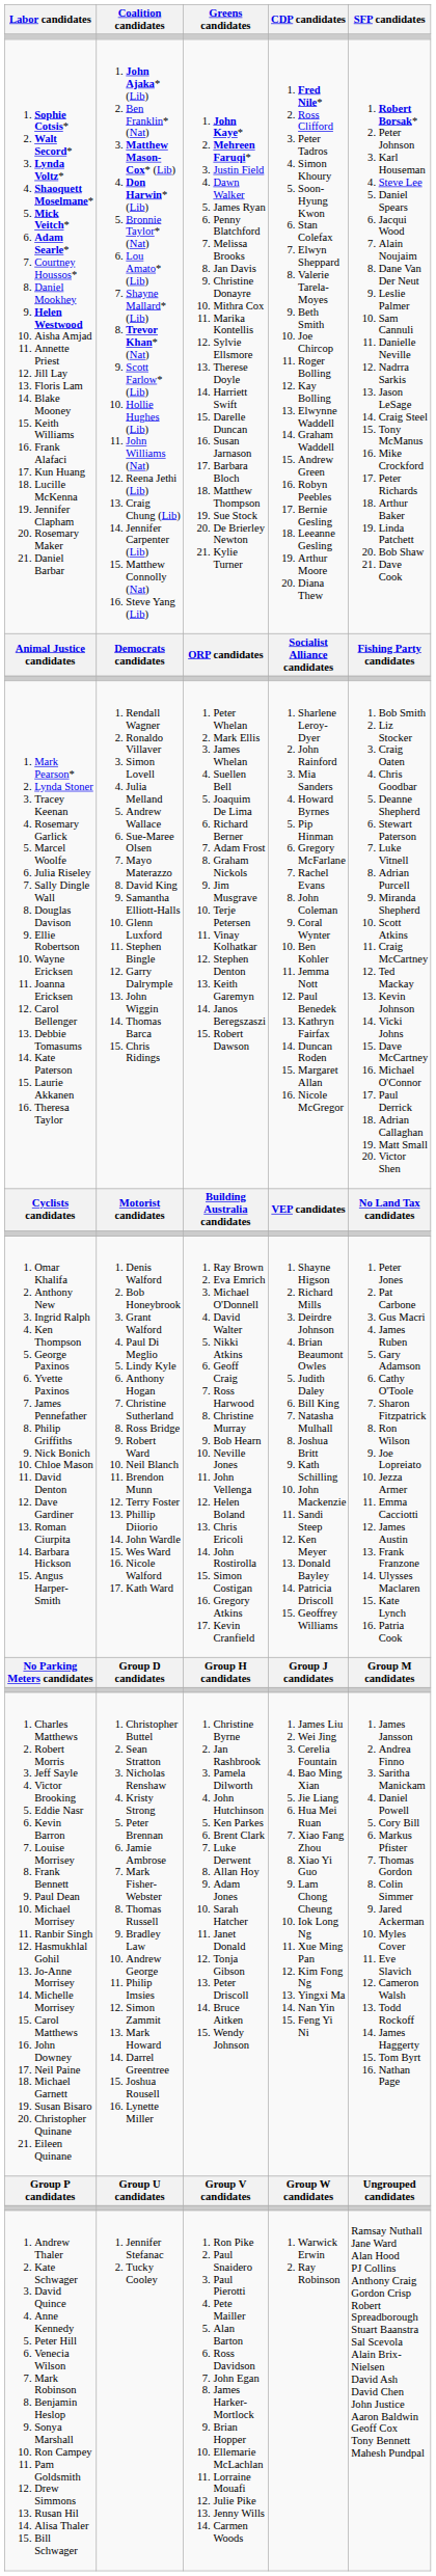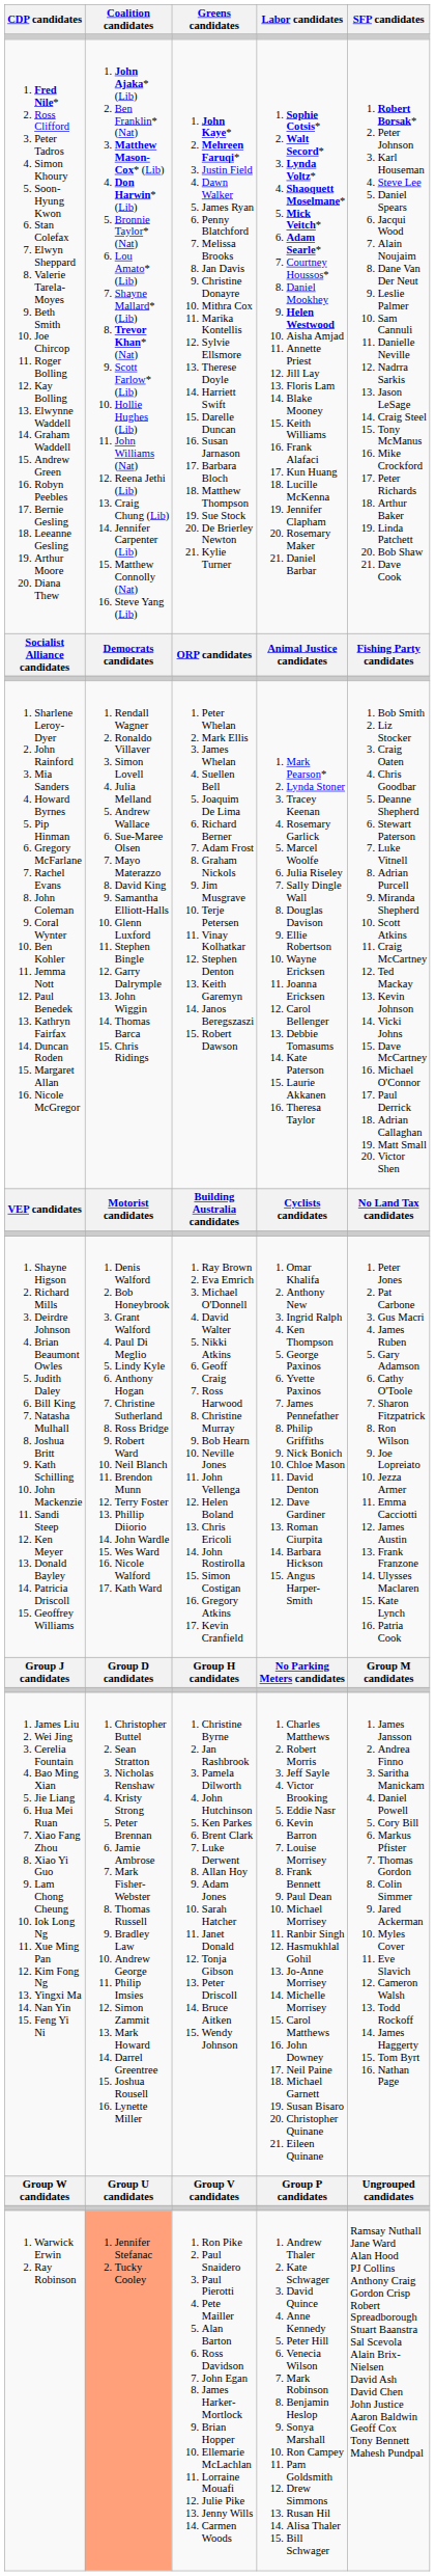 <table class="wikitable">
 <tr>
-<th><a href='#'>Labor</a> candidates</th>
+<th><a href='#'>CDP</a> candidates</th>
 <th><a href='#'>Coalition</a> candidates</th>
 <th><a href='#'>Greens</a> candidates</th>
-<th><a href='#'>CDP</a> candidates</th>
+<th><a href='#'>Labor</a> candidates</th>
 <th><a href='#'>SFP</a> candidates</th>
 </tr>
 <tr bgcolor="#cccccc">
 <td></td>
 <td></td>
 <td></td>
 <td></td>
 <td></td>
 </tr>
 <tr>
-<td><br><ol><li><strong><a href='#'>Sophie Cotsis</a></strong>*</li><li><strong><a href='#'>Walt Secord</a></strong>*</li><li><strong><a href='#'>Lynda Voltz</a></strong>*</li><li><strong><a href='#'>Shaoquett Moselmane</a></strong>*</li><li><strong><a href='#'>Mick Veitch</a></strong>*</li><li><strong><a href='#'>Adam Searle</a></strong>*</li><li><a href='#'>Courtney Houssos</a>*</li><li><a href='#'>Daniel Mookhey</a></li><li><strong><a href='#'>Helen Westwood</a></strong></li><li>Aisha Amjad</li><li>Annette Priest</li><li>Jill Lay</li><li>Floris Lam</li><li>Blake Mooney</li><li>Keith Williams</li><li>Frank Alafaci</li><li>Kun Huang</li><li>Lucille McKenna</li><li>Jennifer Clapham</li><li>Rosemary Maker</li><li>Daniel Barbar</li></ol></td>
+<td><br><ol><li><strong><a href='#'>Fred Nile</a></strong>*</li><li><a href='#'>Ross Clifford</a></li><li>Peter Tadros</li><li>Simon Khoury</li><li>Soon-Hyung Kwon</li><li>Stan Colefax</li><li>Elwyn Sheppard</li><li>Valerie Tarela-Moyes</li><li>Beth Smith</li><li>Joe Chircop</li><li>Roger Bolling</li><li>Kay Bolling</li><li>Elwynne Waddell</li><li>Graham Waddell</li><li>Andrew Green</li><li>Robyn Peebles</li><li>Bernie Gesling</li><li>Leeanne Gesling</li><li>Arthur Moore</li><li>Diana Thew</li></ol></td>
 <td><br><ol><li><strong><a href='#'>John Ajaka</a></strong>* (<a href='#'>Lib</a>)</li><li><a href='#'>Ben Franklin</a>* (<a href='#'>Nat</a>)</li><li><strong><a href='#'>Matthew Mason-Cox</a></strong>* (<a href='#'>Lib</a>)</li><li><strong><a href='#'>Don Harwin</a></strong>* (<a href='#'>Lib</a>)</li><li><a href='#'>Bronnie Taylor</a>* (<a href='#'>Nat</a>)</li><li><a href='#'>Lou Amato</a>* (<a href='#'>Lib</a>)</li><li><a href='#'>Shayne Mallard</a>* (<a href='#'>Lib</a>)</li><li><strong><a href='#'>Trevor Khan</a></strong>* (<a href='#'>Nat</a>)</li><li><a href='#'>Scott Farlow</a>* (<a href='#'>Lib</a>)</li><li><a href='#'>Hollie Hughes</a> (<a href='#'>Lib</a>)</li><li><a href='#'>John Williams</a> (<a href='#'>Nat</a>)</li><li>Reena Jethi (<a href='#'>Lib</a>)</li><li>Craig Chung (<a href='#'>Lib</a>)</li><li>Jennifer Carpenter (<a href='#'>Lib</a>)</li><li>Matthew Connolly (<a href='#'>Nat</a>)</li><li>Steve Yang (<a href='#'>Lib</a>)</li></ol></td>
 <td><br><ol><li><strong><a href='#'>John Kaye</a></strong>*</li><li><strong><a href='#'>Mehreen Faruqi</a></strong>*</li><li><a href='#'>Justin Field</a></li><li><a href='#'>Dawn Walker</a></li><li>James Ryan</li><li>Penny Blatchford</li><li>Melissa Brooks</li><li>Jan Davis</li><li>Christine Donayre</li><li>Mithra Cox</li><li>Marika Kontellis</li><li>Sylvie Ellsmore</li><li>Therese Doyle</li><li>Harriett Swift</li><li>Darelle Duncan</li><li>Susan Jarnason</li><li>Barbara Bloch</li><li>Matthew Thompson</li><li>Sue Stock</li><li>De Brierley Newton</li><li>Kylie Turner</li></ol></td>
-<td><br><ol><li><strong><a href='#'>Fred Nile</a></strong>*</li><li><a href='#'>Ross Clifford</a></li><li>Peter Tadros</li><li>Simon Khoury</li><li>Soon-Hyung Kwon</li><li>Stan Colefax</li><li>Elwyn Sheppard</li><li>Valerie Tarela-Moyes</li><li>Beth Smith</li><li>Joe Chircop</li><li>Roger Bolling</li><li>Kay Bolling</li><li>Elwynne Waddell</li><li>Graham Waddell</li><li>Andrew Green</li><li>Robyn Peebles</li><li>Bernie Gesling</li><li>Leeanne Gesling</li><li>Arthur Moore</li><li>Diana Thew</li></ol></td>
+<td><br><ol><li><strong><a href='#'>Sophie Cotsis</a></strong>*</li><li><strong><a href='#'>Walt Secord</a></strong>*</li><li><strong><a href='#'>Lynda Voltz</a></strong>*</li><li><strong><a href='#'>Shaoquett Moselmane</a></strong>*</li><li><strong><a href='#'>Mick Veitch</a></strong>*</li><li><strong><a href='#'>Adam Searle</a></strong>*</li><li><a href='#'>Courtney Houssos</a>*</li><li><a href='#'>Daniel Mookhey</a></li><li><strong><a href='#'>Helen Westwood</a></strong></li><li>Aisha Amjad</li><li>Annette Priest</li><li>Jill Lay</li><li>Floris Lam</li><li>Blake Mooney</li><li>Keith Williams</li><li>Frank Alafaci</li><li>Kun Huang</li><li>Lucille McKenna</li><li>Jennifer Clapham</li><li>Rosemary Maker</li><li>Daniel Barbar</li></ol></td>
 <td><br><ol><li><strong><a href='#'>Robert Borsak</a></strong>*</li><li>Peter Johnson</li><li>Karl Houseman</li><li><a href='#'>Steve Lee</a></li><li>Daniel Spears</li><li>Jacqui Wood</li><li>Alain Noujaim</li><li>Dane Van Der Neut</li><li>Leslie Palmer</li><li>Sam Cannuli</li><li>Danielle Neville</li><li>Nadrra Sarkis</li><li>Jason LeSage</li><li>Craig Steel</li><li>Tony McManus</li><li>Mike Crockford</li><li>Peter Richards</li><li>Arthur Baker</li><li>Linda Patchett</li><li>Bob Shaw</li><li>Dave Cook</li></ol></td>
 </tr>
 <tr bgcolor="#cccccc">
-<th><a href='#'>Animal Justice</a> candidates</th>
+<th><a href='#'>Socialist Alliance</a> candidates</th>
 <th><a href='#'>Democrats</a> candidates</th>
 <th><a href='#'>ORP</a> candidates</th>
-<th><a href='#'>Socialist Alliance</a> candidates</th>
+<th><a href='#'>Animal Justice</a> candidates</th>
 <th><a href='#'>Fishing Party</a> candidates</th>
 </tr>
 <tr bgcolor="#cccccc">
 <td></td>
 <td></td>
 <td></td>
 <td></td>
 <td></td>
 </tr>
 <tr>
-<td><br><ol><li><a href='#'>Mark Pearson</a>*</li><li><a href='#'>Lynda Stoner</a></li><li>Tracey Keenan</li><li>Rosemary Garlick</li><li>Marcel Woolfe</li><li>Julia Riseley</li><li>Sally Dingle Wall</li><li>Douglas Davison</li><li>Ellie Robertson</li><li>Wayne Ericksen</li><li>Joanna Ericksen</li><li>Carol Bellenger</li><li>Debbie Tomasums</li><li>Kate Paterson</li><li>Laurie Akkanen</li><li>Theresa Taylor</li></ol></td>
+<td valign=top><br><ol><li>Sharlene Leroy-Dyer</li><li>John Rainford</li><li>Mia Sanders</li><li>Howard Byrnes</li><li>Pip Hinman</li><li>Gregory McFarlane</li><li>Rachel Evans</li><li>John Coleman</li><li>Coral Wynter</li><li>Ben Kohler</li><li>Jemma Nott</li><li>Paul Benedek</li><li>Kathryn Fairfax</li><li>Duncan Roden</li><li>Margaret Allan</li><li>Nicole McGregor</li></ol></td>
 <td valign=top><br><ol><li>Rendall Wagner</li><li>Ronaldo Villaver</li><li>Simon Lovell</li><li>Julia Melland</li><li>Andrew Wallace</li><li>Sue-Maree Olsen</li><li>Mayo Materazzo</li><li>David King</li><li>Samantha Elliott-Halls</li><li>Glenn Luxford</li><li>Stephen Bingle</li><li>Garry Dalrymple</li><li>John Wiggin</li><li>Thomas Barca</li><li>Chris Ridings</li></ol></td>
 <td valign=top><br><ol><li>Peter Whelan</li><li>Mark Ellis</li><li>James Whelan</li><li>Suellen Bell</li><li>Joaquim De Lima</li><li>Richard Berner</li><li>Adam Frost</li><li>Graham Nickols</li><li>Jim Musgrave</li><li>Terje Petersen</li><li>Vinay Kolhatkar</li><li>Stephen Denton</li><li>Keith Garemyn</li><li>Janos Beregszaszi</li><li>Robert Dawson</li></ol></td>
-<td valign=top><br><ol><li>Sharlene Leroy-Dyer</li><li>John Rainford</li><li>Mia Sanders</li><li>Howard Byrnes</li><li>Pip Hinman</li><li>Gregory McFarlane</li><li>Rachel Evans</li><li>John Coleman</li><li>Coral Wynter</li><li>Ben Kohler</li><li>Jemma Nott</li><li>Paul Benedek</li><li>Kathryn Fairfax</li><li>Duncan Roden</li><li>Margaret Allan</li><li>Nicole McGregor</li></ol></td>
+<td><br><ol><li><a href='#'>Mark Pearson</a>*</li><li><a href='#'>Lynda Stoner</a></li><li>Tracey Keenan</li><li>Rosemary Garlick</li><li>Marcel Woolfe</li><li>Julia Riseley</li><li>Sally Dingle Wall</li><li>Douglas Davison</li><li>Ellie Robertson</li><li>Wayne Ericksen</li><li>Joanna Ericksen</li><li>Carol Bellenger</li><li>Debbie Tomasums</li><li>Kate Paterson</li><li>Laurie Akkanen</li><li>Theresa Taylor</li></ol></td>
 <td valign=top><br><ol><li>Bob Smith</li><li>Liz Stocker</li><li>Craig Oaten</li><li>Chris Goodbar</li><li>Deanne Shepherd</li><li>Stewart Paterson</li><li>Luke Vitnell</li><li>Adrian Purcell</li><li>Miranda Shepherd</li><li>Scott Atkins</li><li>Craig McCartney</li><li>Ted Mackay</li><li>Kevin Johnson</li><li>Vicki Johns</li><li>Dave McCartney</li><li>Michael O'Connor</li><li>Paul Derrick</li><li>Adrian Callaghan</li><li>Matt Small</li><li>Victor Shen</li></ol></td>
 </tr>
 <tr bgcolor="#cccccc">
-<th><a href='#'>Cyclists</a> candidates</th>
+<th><a href='#'>VEP</a> candidates</th>
 <th><a href='#'>Motorist</a> candidates</th>
 <th><a href='#'>Building Australia</a> candidates</th>
-<th><a href='#'>VEP</a> candidates</th>
+<th><a href='#'>Cyclists</a> candidates</th>
 <th><a href='#'>No Land Tax</a> candidates</th>
 </tr>
 <tr bgcolor="#cccccc">
 <td></td>
 <td></td>
 <td></td>
 <td></td>
 <td></td>
 </tr>
 <tr>
-<td valign=top><br><ol><li>Omar Khalifa</li><li>Anthony New</li><li>Ingrid Ralph</li><li>Ken Thompson</li><li>George Paxinos</li><li>Yvette Paxinos</li><li>James Pennefather</li><li>Philip Griffiths</li><li>Nick Bonich</li><li>Chloe Mason</li><li>David Denton</li><li>Dave Gardiner</li><li>Roman Ciurpita</li><li>Barbara Hickson</li><li>Angus Harper-Smith</li></ol></td>
+<td valign=top><br><ol><li>Shayne Higson</li><li>Richard Mills</li><li>Deirdre Johnson</li><li>Brian Beaumont Owles</li><li>Judith Daley</li><li>Bill King</li><li>Natasha Mulhall</li><li>Joshua Britt</li><li>Kath Schilling</li><li>John Mackenzie</li><li>Sandi Steep</li><li>Ken Meyer</li><li>Donald Bayley</li><li>Patricia Driscoll</li><li>Geoffrey Williams</li></ol></td>
 <td valign=top><br><ol><li>Denis Walford</li><li>Bob Honeybrook</li><li>Grant Walford</li><li>Paul Di Meglio</li><li>Lindy Kyle</li><li>Anthony Hogan</li><li>Christine Sutherland</li><li>Ross Bridge</li><li>Robert Ward</li><li>Neil Blanch</li><li>Brendon Munn</li><li>Terry Foster</li><li>Phillip Diiorio</li><li>John Wardle</li><li>Wes Ward</li><li>Nicole Walford</li><li>Kath Ward</li></ol></td>
 <td valign=top><br><ol><li>Ray Brown</li><li>Eva Emrich</li><li>Michael O'Donnell</li><li>David Walter</li><li>Nikki Atkins</li><li>Geoff Craig</li><li>Ross Harwood</li><li>Christine Murray</li><li>Bob Hearn</li><li>Neville Jones</li><li>John Vellenga</li><li>Helen Boland</li><li>Chris Ericoli</li><li>John Rostirolla</li><li>Simon Costigan</li><li>Gregory Atkins</li><li>Kevin Cranfield</li></ol></td>
-<td valign=top><br><ol><li>Shayne Higson</li><li>Richard Mills</li><li>Deirdre Johnson</li><li>Brian Beaumont Owles</li><li>Judith Daley</li><li>Bill King</li><li>Natasha Mulhall</li><li>Joshua Britt</li><li>Kath Schilling</li><li>John Mackenzie</li><li>Sandi Steep</li><li>Ken Meyer</li><li>Donald Bayley</li><li>Patricia Driscoll</li><li>Geoffrey Williams</li></ol></td>
+<td valign=top><br><ol><li>Omar Khalifa</li><li>Anthony New</li><li>Ingrid Ralph</li><li>Ken Thompson</li><li>George Paxinos</li><li>Yvette Paxinos</li><li>James Pennefather</li><li>Philip Griffiths</li><li>Nick Bonich</li><li>Chloe Mason</li><li>David Denton</li><li>Dave Gardiner</li><li>Roman Ciurpita</li><li>Barbara Hickson</li><li>Angus Harper-Smith</li></ol></td>
 <td valign=top><br><ol><li>Peter Jones</li><li>Pat Carbone</li><li>Gus Macri</li><li>James Ruben</li><li>Gary Adamson</li><li>Cathy O'Toole</li><li>Sharon Fitzpatrick</li><li>Ron Wilson</li><li>Joe Lopreiato</li><li>Jezza Armer</li><li>Emma Cacciotti</li><li>James Austin</li><li>Frank Franzone</li><li>Ulysses Maclaren</li><li>Kate Lynch</li><li>Patria Cook</li></ol></td>
 </tr>
 <tr bgcolor="#cccccc">
-<th><a href='#'>No Parking Meters</a> candidates</th>
+<th>Group J candidates</th>
 <th>Group D candidates</th>
 <th>Group H candidates</th>
-<th>Group J candidates</th>
+<th><a href='#'>No Parking Meters</a> candidates</th>
 <th>Group M candidates</th>
 </tr>
 <tr bgcolor="#cccccc">
 <td></td>
 <td></td>
 <td></td>
 <td></td>
 <td></td>
 </tr>
 <tr>
-<td valign=top><br><ol><li>Charles Matthews</li><li>Robert Morris</li><li>Jeff Sayle</li><li>Victor Brooking</li><li>Eddie Nasr</li><li>Kevin Barron</li><li>Louise Morrisey</li><li>Frank Bennett</li><li>Paul Dean</li><li>Michael Morrisey</li><li>Ranbir Singh</li><li>Hasmukhlal Gohil</li><li>Jo-Anne Morrisey</li><li>Michelle Morrisey</li><li>Carol Matthews</li><li>John Downey</li><li>Neil Paine</li><li>Michael Garnett</li><li>Susan Bisaro</li><li>Christopher Quinane</li><li>Eileen Quinane</li></ol></td>
+<td valign=top><br><ol><li>James Liu</li><li>Wei Jing</li><li>Cerelia Fountain</li><li>Bao Ming Xian</li><li>Jie Liang</li><li>Hua Mei Ruan</li><li>Xiao Fang Zhou</li><li>Xiao Yi Guo</li><li>Lam Chong Cheung</li><li>Iok Long Ng</li><li>Xue Ming Pan</li><li>Kim Fong Ng</li><li>Yingxi Ma</li><li>Nan Yin</li><li>Feng Yi Ni</li></ol></td>
 <td valign=top><br><ol><li>Christopher Buttel</li><li>Sean Stratton</li><li>Nicholas Renshaw</li><li>Kristy Strong</li><li>Peter Brennan</li><li>Jamie Ambrose</li><li>Mark Fisher-Webster</li><li>Thomas Russell</li><li>Bradley Law</li><li>Andrew George</li><li>Philip Imsies</li><li>Simon Zammit</li><li>Mark Howard</li><li>Darrel Greentree</li><li>Joshua Rousell</li><li>Lynette Miller</li></ol></td>
 <td valign=top><br><ol><li>Christine Byrne</li><li>Jan Rashbrook</li><li>Pamela Dilworth</li><li>John Hutchinson</li><li>Ken Parkes</li><li>Brent Clark</li><li>Luke Derwent</li><li>Allan Hoy</li><li>Adam Jones</li><li>Sarah Hatcher</li><li>Janet Donald</li><li>Tonja Gibson</li><li>Peter Driscoll</li><li>Bruce Aitken</li><li>Wendy Johnson</li></ol></td>
-<td valign=top><br><ol><li>James Liu</li><li>Wei Jing</li><li>Cerelia Fountain</li><li>Bao Ming Xian</li><li>Jie Liang</li><li>Hua Mei Ruan</li><li>Xiao Fang Zhou</li><li>Xiao Yi Guo</li><li>Lam Chong Cheung</li><li>Iok Long Ng</li><li>Xue Ming Pan</li><li>Kim Fong Ng</li><li>Yingxi Ma</li><li>Nan Yin</li><li>Feng Yi Ni</li></ol></td>
+<td valign=top><br><ol><li>Charles Matthews</li><li>Robert Morris</li><li>Jeff Sayle</li><li>Victor Brooking</li><li>Eddie Nasr</li><li>Kevin Barron</li><li>Louise Morrisey</li><li>Frank Bennett</li><li>Paul Dean</li><li>Michael Morrisey</li><li>Ranbir Singh</li><li>Hasmukhlal Gohil</li><li>Jo-Anne Morrisey</li><li>Michelle Morrisey</li><li>Carol Matthews</li><li>John Downey</li><li>Neil Paine</li><li>Michael Garnett</li><li>Susan Bisaro</li><li>Christopher Quinane</li><li>Eileen Quinane</li></ol></td>
 <td valign=top><br><ol><li>James Jansson</li><li>Andrea Finno</li><li>Saritha Manickam</li><li>Daniel Powell</li><li>Cory Bill</li><li>Markus Pfister</li><li>Thomas Gordon</li><li>Colin Simmer</li><li>Jared Ackerman</li><li>Myles Cover</li><li>Eve Slavich</li><li>Cameron Walsh</li><li>Todd Rockoff</li><li>James Haggerty</li><li>Tom Byrt</li><li>Nathan Page</li></ol></td>
 </tr>
 <tr bgcolor="#cccccc">
-<th>Group P candidates</th>
+<th>Group W candidates</th>
 <th>Group U candidates</th>
 <th>Group V candidates</th>
-<th>Group W candidates</th>
+<th>Group P candidates</th>
 <th>Ungrouped candidates</th>
 </tr>
 <tr bgcolor="#cccccc">
 <td></td>
 <td></td>
 <td></td>
 <td></td>
 <td></td>
 </tr>
 <tr>
+<td valign=top><br><ol><li>Warwick Erwin</li><li>Ray Robinson</li></ol></td>
+<td valign=top style="background: lightsalmon;"><br><ol><li>Jennifer Stefanac</li><li>Tucky Cooley</li></ol></td>
+<td valign=top><br><ol><li>Ron Pike</li><li>Paul Snaidero</li><li>Paul Pierotti</li><li>Pete Mailler</li><li>Alan Barton</li><li>Ross Davidson</li><li>John Egan</li><li>James Harker-Mortlock</li><li>Brian Hopper</li><li>Ellemarie McLachlan</li><li>Lorraine Mouafi</li><li>Julie Pike</li><li>Jenny Wills</li><li>Carmen Woods</li></ol></td>
 <td valign=top><br><ol><li>Andrew Thaler</li><li>Kate Schwager</li><li>David Quince</li><li>Anne Kennedy</li><li>Peter Hill</li><li>Venecia Wilson</li><li>Mark Robinson</li><li>Benjamin Heslop</li><li>Sonya Marshall</li><li>Ron Campey</li><li>Pam Goldsmith</li><li>Drew Simmons</li><li>Rusan Hil</li><li>Alisa Thaler</li><li>Bill Schwager</li></ol></td>
-<td valign=top><br><ol><li>Jennifer Stefanac</li><li>Tucky Cooley</li></ol></td>
-<td valign=top><br><ol><li>Ron Pike</li><li>Paul Snaidero</li><li>Paul Pierotti</li><li>Pete Mailler</li><li>Alan Barton</li><li>Ross Davidson</li><li>John Egan</li><li>James Harker-Mortlock</li><li>Brian Hopper</li><li>Ellemarie McLachlan</li><li>Lorraine Mouafi</li><li>Julie Pike</li><li>Jenny Wills</li><li>Carmen Woods</li></ol></td>
-<td valign=top><br><ol><li>Warwick Erwin</li><li>Ray Robinson</li></ol></td>
 <td valign=top><br>Ramsay Nuthall <br> Jane Ward <br> Alan Hood <br> PJ Collins <br> Anthony Craig <br> Gordon Crisp <br> Robert Spreadborough <br> Stuart Baanstra <br> Sal Scevola <br> Alain Brix-Nielsen <br> David Ash <br> David Chen <br> John Justice <br> Aaron Baldwin <br> Geoff Cox <br> Tony Bennett <br> Mahesh Pundpal</td>
 </tr>
 </table>
